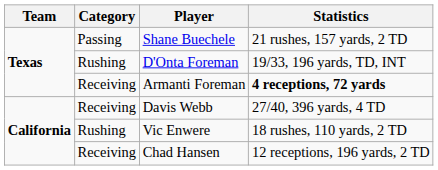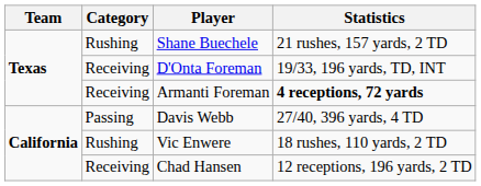 <table class="wikitable" style="float: left;">
 <tr>
 <th>Team</th>
 <th>Category</th>
 <th>Player</th>
 <th>Statistics</th>
 </tr>
 <tr>
 <td rowspan=3><strong>Texas</strong></td>
-<td>Passing</td>
+<td>Rushing</td>
 <td><a href='#'>Shane Buechele</a></td>
 <td>21 rushes, 157 yards, 2 TD</td>
 </tr>
 <tr>
-<td>Rushing</td>
+<td>Receiving</td>
 <td><a href='#'>D'Onta Foreman</a></td>
 <td>19/33, 196 yards, TD, INT</td>
 </tr>
 <tr>
 <td>Receiving</td>
 <td>Armanti Foreman</td>
 <td><strong>4 receptions, 72 yards</strong></td>
 </tr>
 <tr>
 <td rowspan=3><strong>California</strong></td>
-<td>Receiving</td>
+<td>Passing</td>
 <td>Davis Webb</td>
 <td>27/40, 396 yards, 4 TD</td>
 </tr>
 <tr>
 <td>Rushing</td>
 <td>Vic Enwere</td>
 <td>18 rushes, 110 yards, 2 TD</td>
 </tr>
 <tr>
 <td>Receiving</td>
 <td>Chad Hansen</td>
 <td>12 receptions, 196 yards, 2 TD</td>
 </tr>
 </table>
